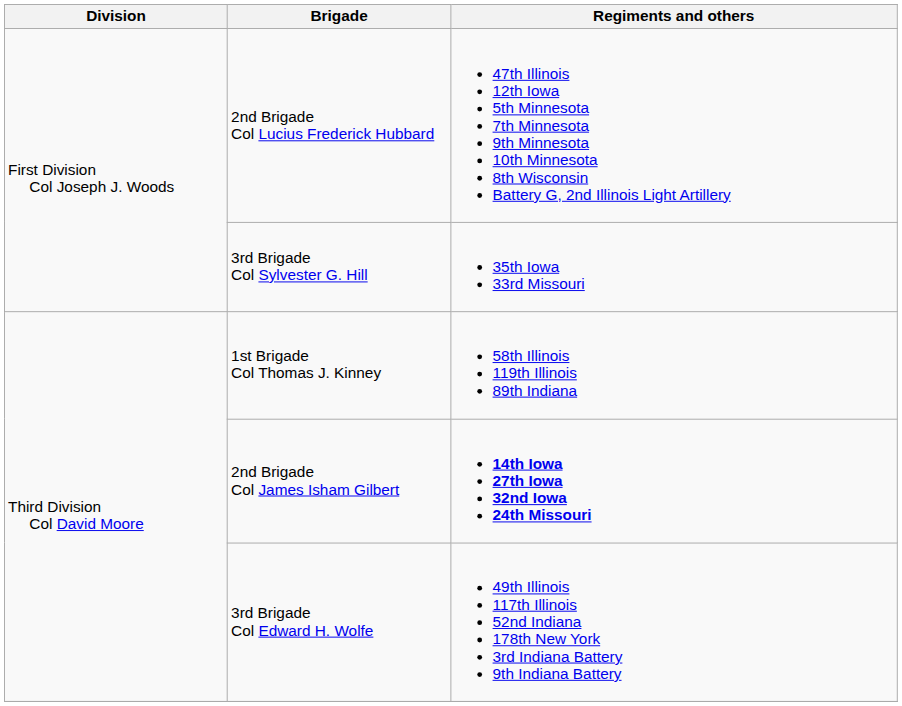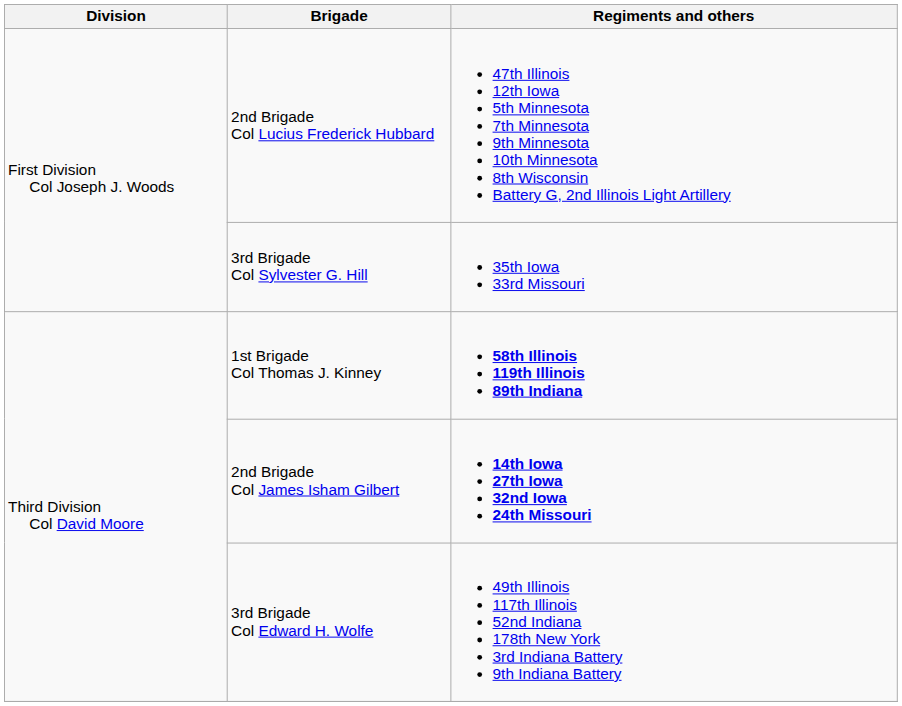 <table class="wikitable">
 <tr>
 <th width=25%>Division</th>
 <th width=25%>Brigade</th>
 <th>Regiments and others</th>
 </tr>
 <tr>
 <td rowspan=2><br>First Division <br>     Col Joseph J. Woods</td>
 <td>2nd Brigade<br>Col <a href='#'>Lucius Frederick Hubbard</a>   </td>
 <td><br><ul><li><a href='#'>47th Illinois</a></li><li><a href='#'>12th Iowa</a></li><li><a href='#'>5th Minnesota</a></li><li><a href='#'>7th Minnesota</a></li><li><a href='#'>9th Minnesota</a></li><li><a href='#'>10th Minnesota</a></li><li><a href='#'>8th Wisconsin</a></li><li><a href='#'>Battery G, 2nd Illinois Light Artillery</a></li></ul></td>
 </tr>
 <tr>
 <td>3rd Brigade<br>Col <a href='#'>Sylvester G. Hill</a>   </td>
 <td><br><ul><li><a href='#'>35th Iowa</a></li><li><a href='#'>33rd Missouri</a></li></ul></td>
 </tr>
 <tr>
 <td rowspan=3><br>Third Division <br>     Col <a href='#'>David Moore</a></td>
 <td>1st Brigade<br>Col Thomas J. Kinney   </td>
-<td><br><ul><li><a href='#'>58th Illinois</a></li><li><a href='#'>119th Illinois</a></li><li><a href='#'>89th Indiana</a></li></ul></td>
+<td><strong><br><ul><li><a href='#'>58th Illinois</a></li><li><a href='#'>119th Illinois</a></li><li><a href='#'>89th Indiana</a></li></ul></strong></td>
 </tr>
 <tr>
 <td>2nd Brigade<br>Col <a href='#'>James Isham Gilbert</a>   </td>
 <td><strong><br><ul><li><a href='#'>14th Iowa</a></li><li><a href='#'>27th Iowa</a></li><li><a href='#'>32nd Iowa</a></li><li><a href='#'>24th Missouri</a></li></ul></strong></td>
 </tr>
 <tr>
 <td>3rd Brigade<br>Col <a href='#'>Edward H. Wolfe</a>   </td>
 <td><br><ul><li><a href='#'>49th Illinois</a></li><li><a href='#'>117th Illinois</a></li><li><a href='#'>52nd Indiana</a></li><li><a href='#'>178th New York</a></li><li><a href='#'>3rd Indiana Battery</a></li><li><a href='#'>9th Indiana Battery</a></li></ul></td>
 </tr>
 <tr>
 </tr>
 </table>
